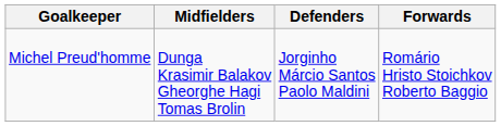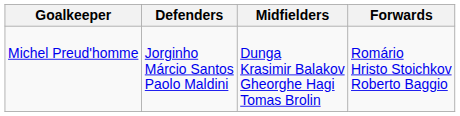 <table class="wikitable" style="margin:0 auto">
 <tr>
 <th>Goalkeeper</th>
+<th>Defenders</th>
 <th>Midfielders</th>
-<th>Defenders</th>
 <th>Forwards</th>
 </tr>
 <tr>
 <td valign=top><br> <a href='#'>Michel Preud'homme</a></td>
+<td valign=top><br> <a href='#'>Jorginho</a><br>  <a href='#'>Márcio Santos</a><br>  <a href='#'>Paolo Maldini</a></td>
 <td valign=top><br> <a href='#'>Dunga</a><br>  <a href='#'>Krasimir Balakov</a><br>  <a href='#'>Gheorghe Hagi</a><br>  <a href='#'>Tomas Brolin</a></td>
-<td valign=top><br> <a href='#'>Jorginho</a><br>  <a href='#'>Márcio Santos</a><br>  <a href='#'>Paolo Maldini</a></td>
 <td valign=top><br> <a href='#'>Romário</a><br>  <a href='#'>Hristo Stoichkov</a><br>  <a href='#'>Roberto Baggio</a></td>
 </tr>
 </table>
